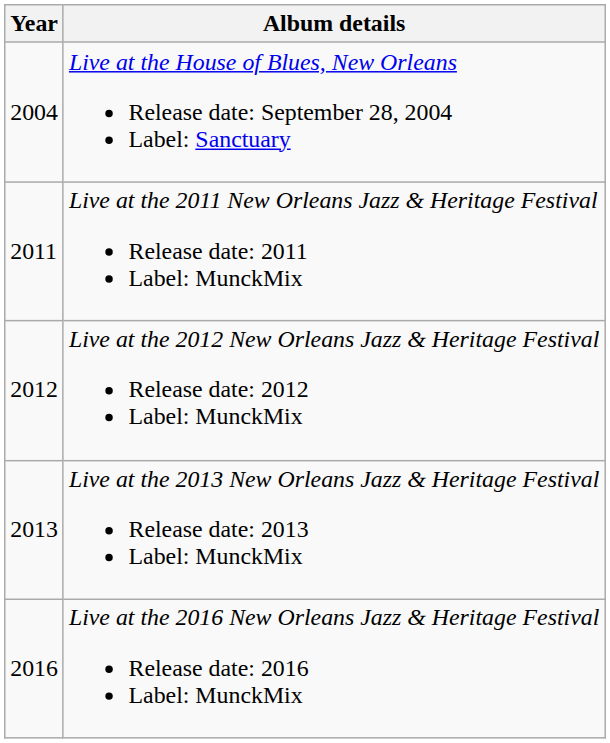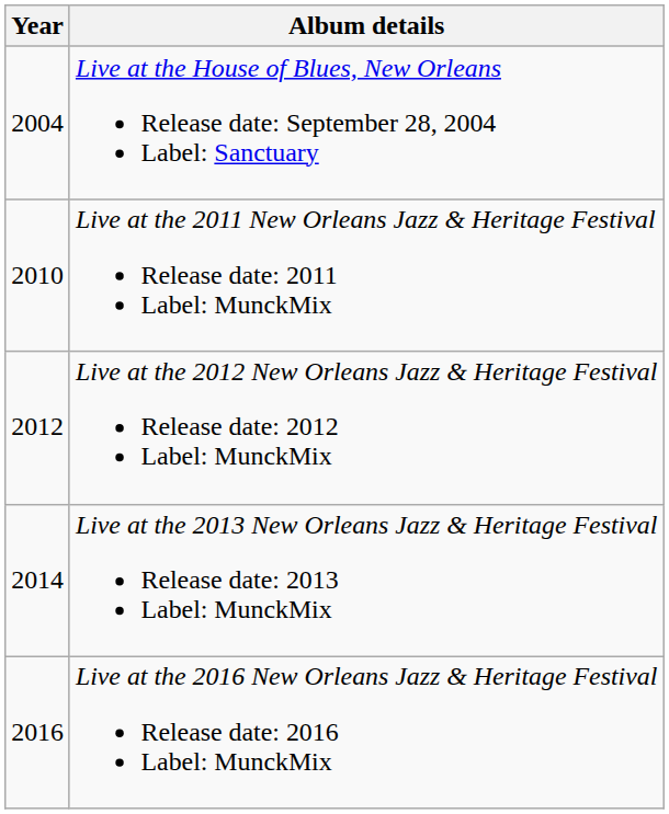 <table class="wikitable">
 <tr>
 <th scope="col">Year</th>
 <th scope="col">Album details</th>
 </tr>
 <tr>
 <td>2004</td>
 <td><em><a href='#'>Live at the House of Blues, New Orleans</a></em><br><ul><li>Release date: September 28, 2004</li><li>Label: <a href='#'>Sanctuary</a></li></ul></td>
 </tr>
 <tr>
-<td>2011</td>
+<td>2010</td>
 <td><em>Live at the 2011 New Orleans Jazz & Heritage Festival</em><br><ul><li>Release date: 2011</li><li>Label: MunckMix</li></ul></td>
 </tr>
 <tr>
 <td>2012</td>
 <td><em>Live at the 2012 New Orleans Jazz & Heritage Festival</em><br><ul><li>Release date: 2012</li><li>Label: MunckMix</li></ul></td>
 </tr>
 <tr>
-<td>2013</td>
+<td>2014</td>
 <td><em>Live at the 2013 New Orleans Jazz & Heritage Festival</em><br><ul><li>Release date: 2013</li><li>Label: MunckMix</li></ul></td>
 </tr>
 <tr>
 <td>2016</td>
 <td><em>Live at the 2016 New Orleans Jazz & Heritage Festival</em><br><ul><li>Release date: 2016</li><li>Label: MunckMix</li></ul></td>
 </tr>
 </table>
